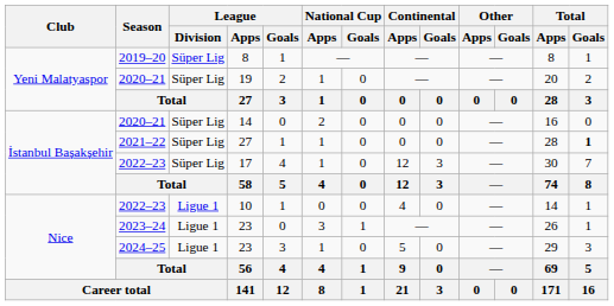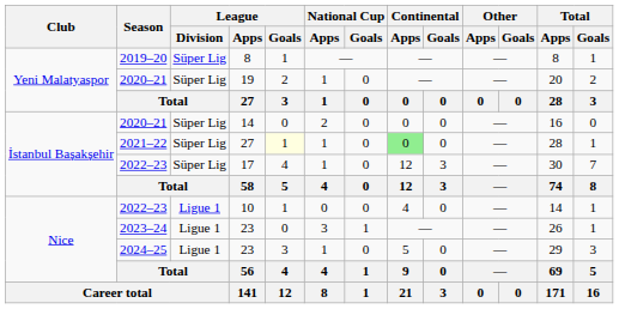 <table class="wikitable" style="text-align:center">
 <tr>
 <th rowspan="2">Club</th>
 <th rowspan="2">Season</th>
 <th colspan="3">League</th>
 <th colspan="2">National Cup</th>
 <th colspan="2">Continental</th>
 <th colspan="2">Other</th>
 <th colspan="2">Total</th>
 </tr>
 <tr>
 <th>Division</th>
 <th>Apps</th>
 <th>Goals</th>
 <th>Apps</th>
 <th>Goals</th>
 <th>Apps</th>
 <th>Goals</th>
 <th>Apps</th>
 <th>Goals</th>
 <th>Apps</th>
 <th>Goals</th>
 </tr>
 <tr>
 <td rowspan="3"><a href='#'>Yeni Malatyaspor</a></td>
 <td><a href='#'>2019–20</a></td>
 <td><a href='#'>Süper Lig</a></td>
 <td>8</td>
 <td>1</td>
 <td colspan="2">—</td>
 <td colspan="2">—</td>
 <td colspan="2">—</td>
 <td>8</td>
 <td>1</td>
 </tr>
 <tr>
 <td><a href='#'>2020–21</a></td>
 <td>Süper Lig</td>
 <td>19</td>
 <td>2</td>
 <td>1</td>
 <td>0</td>
 <td colspan="2">—</td>
 <td colspan="2">—</td>
 <td>20</td>
 <td>2</td>
 </tr>
 <tr>
 <th colspan="2">Total</th>
 <th>27</th>
 <th>3</th>
 <th>1</th>
 <th>0</th>
 <th>0</th>
 <th>0</th>
 <th>0</th>
 <th>0</th>
 <th>28</th>
 <th>3</th>
 </tr>
 <tr>
 <td rowspan="4"><a href='#'>İstanbul Başakşehir</a></td>
 <td><a href='#'>2020–21</a></td>
 <td>Süper Lig</td>
 <td>14</td>
 <td>0</td>
 <td>2</td>
 <td>0</td>
 <td>0</td>
 <td>0</td>
 <td colspan="2">—</td>
 <td>16</td>
 <td>0</td>
 </tr>
 <tr>
 <td><a href='#'>2021–22</a></td>
 <td>Süper Lig</td>
 <td>27</td>
-<td>1</td>
+<td style="background: lightyellow;">1</td>
 <td>1</td>
 <td>0</td>
-<td>0</td>
+<td style="background: lightgreen;">0</td>
 <td>0</td>
 <td colspan="2">—</td>
 <td>28</td>
-<td><strong>1</strong></td>
+<td>1</td>
 </tr>
 <tr>
 <td><a href='#'>2022–23</a></td>
 <td>Süper Lig</td>
 <td>17</td>
 <td>4</td>
 <td>1</td>
 <td>0</td>
 <td>12</td>
 <td>3</td>
 <td colspan="2">—</td>
 <td>30</td>
 <td>7</td>
 </tr>
 <tr>
 <th colspan="2">Total</th>
 <th>58</th>
 <th>5</th>
 <th>4</th>
 <th>0</th>
 <th>12</th>
 <th>3</th>
 <th colspan="2">—</th>
 <th>74</th>
 <th>8</th>
 </tr>
 <tr>
 <td rowspan="4"><a href='#'>Nice</a></td>
 <td><a href='#'>2022–23</a></td>
 <td><a href='#'>Ligue 1</a></td>
 <td>10</td>
 <td>1</td>
 <td>0</td>
 <td>0</td>
 <td>4</td>
 <td>0</td>
 <td colspan="2">—</td>
 <td>14</td>
 <td>1</td>
 </tr>
 <tr>
 <td><a href='#'>2023–24</a></td>
 <td>Ligue 1</td>
 <td>23</td>
 <td>0</td>
 <td>3</td>
 <td>1</td>
 <td colspan="2">—</td>
 <td colspan="2">—</td>
 <td>26</td>
 <td>1</td>
 </tr>
 <tr>
 <td><a href='#'>2024–25</a></td>
 <td>Ligue 1</td>
 <td>23</td>
 <td>3</td>
 <td>1</td>
 <td>0</td>
 <td>5</td>
 <td>0</td>
 <td colspan="2">—</td>
 <td>29</td>
 <td>3</td>
 </tr>
 <tr>
 <th colspan="2">Total</th>
 <th>56</th>
 <th>4</th>
 <th>4</th>
 <th>1</th>
 <th>9</th>
 <th>0</th>
 <th colspan="2">—</th>
 <th>69</th>
 <th>5</th>
 </tr>
 <tr>
 <th colspan="3">Career total</th>
 <th>141</th>
 <th>12</th>
 <th>8</th>
 <th>1</th>
 <th>21</th>
 <th>3</th>
 <th>0</th>
 <th>0</th>
 <th>171</th>
 <th>16</th>
 </tr>
 </table>
